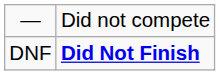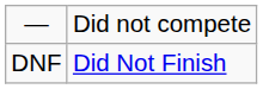 <table class="wikitable">
 <tr>
 <td align="center">—</td>
 <td>Did not compete</td>
 </tr>
 <tr>
 <td align="center">DNF</td>
-<td><strong><a href='#'>Did Not Finish</a></strong></td>
+<td><a href='#'>Did Not Finish</a></td>
 </tr>
 </table>
